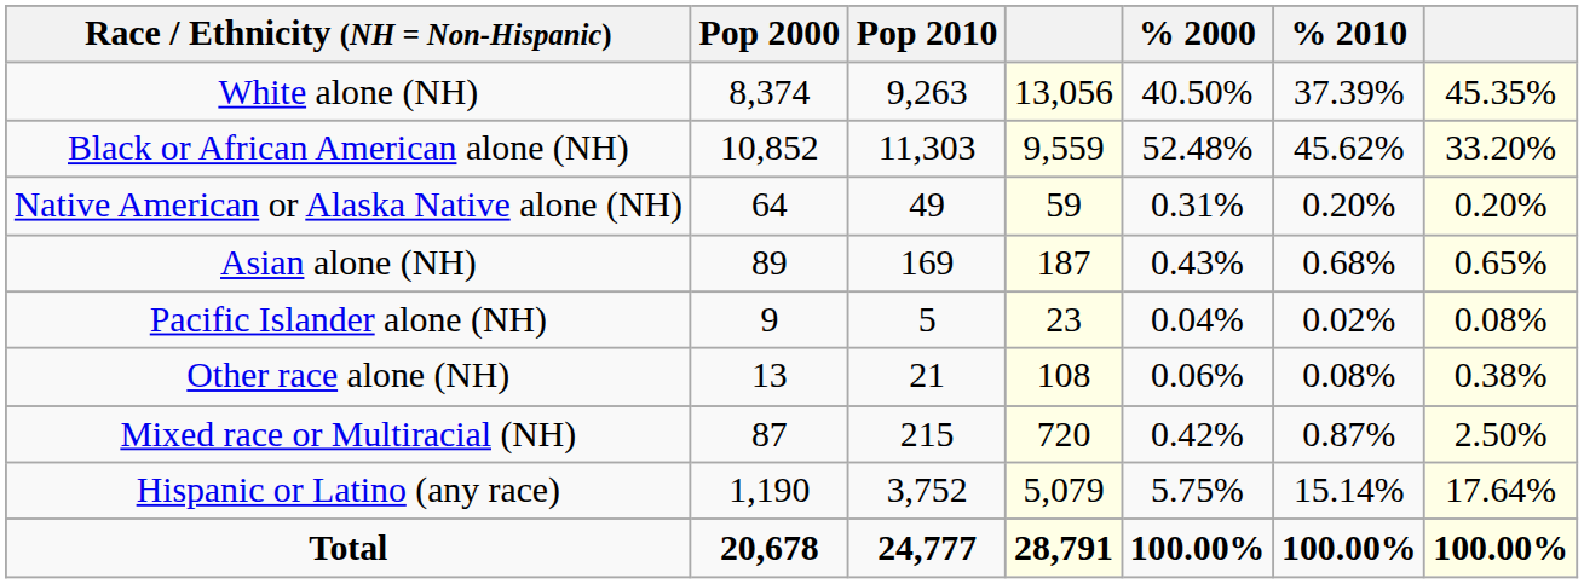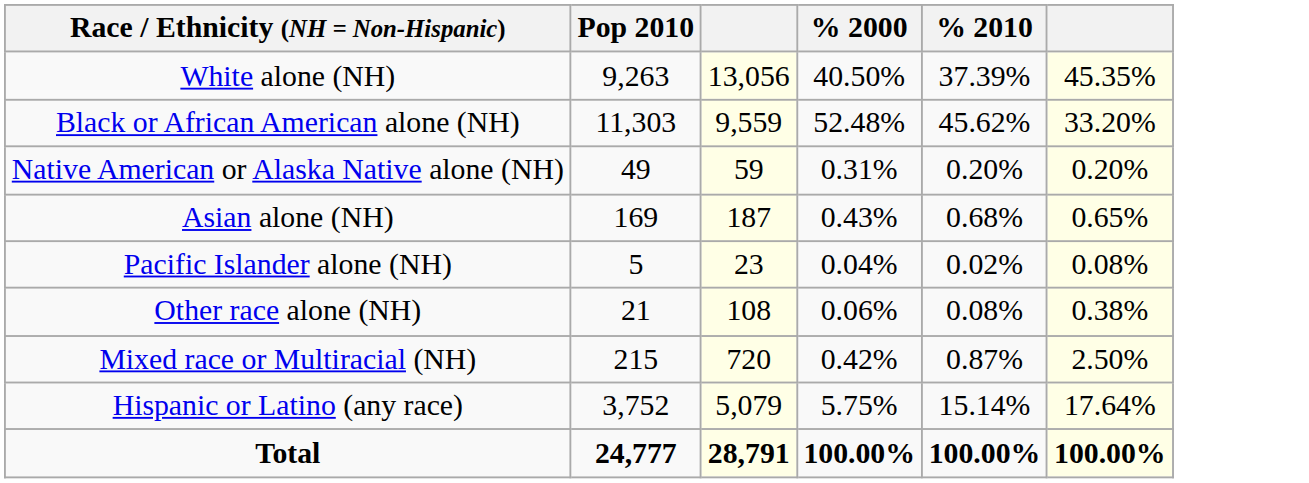 <table class="wikitable" style="text-align:center;">
 <tr>
 <th>Race / Ethnicity <small>(<em>NH = Non-Hispanic</em>)</small></th>
-<th>Pop 2000</th>
 <th>Pop 2010</th>
 <th></th>
 <th>% 2000</th>
 <th>% 2010</th>
 <th></th>
 </tr>
 <tr>
 <td><a href='#'>White</a> alone (NH)</td>
-<td>8,374</td>
 <td>9,263</td>
 <td style='background: #ffffe6;'>13,056</td>
 <td>40.50%</td>
 <td>37.39%</td>
 <td style='background: #ffffe6;'>45.35%</td>
 </tr>
 <tr>
 <td><a href='#'>Black or African American</a> alone (NH)</td>
-<td>10,852</td>
 <td>11,303</td>
 <td style='background: #ffffe6;'>9,559</td>
 <td>52.48%</td>
 <td>45.62%</td>
 <td style='background: #ffffe6;'>33.20%</td>
 </tr>
 <tr>
 <td><a href='#'>Native American</a> or <a href='#'>Alaska Native</a> alone (NH)</td>
-<td>64</td>
 <td>49</td>
 <td style='background: #ffffe6;'>59</td>
 <td>0.31%</td>
 <td>0.20%</td>
 <td style='background: #ffffe6;'>0.20%</td>
 </tr>
 <tr>
 <td><a href='#'>Asian</a> alone (NH)</td>
-<td>89</td>
 <td>169</td>
 <td style='background: #ffffe6;'>187</td>
 <td>0.43%</td>
 <td>0.68%</td>
 <td style='background: #ffffe6;'>0.65%</td>
 </tr>
 <tr>
 <td><a href='#'>Pacific Islander</a> alone (NH)</td>
-<td>9</td>
 <td>5</td>
 <td style='background: #ffffe6;'>23</td>
 <td>0.04%</td>
 <td>0.02%</td>
 <td style='background: #ffffe6;'>0.08%</td>
 </tr>
 <tr>
 <td><a href='#'>Other race</a> alone (NH)</td>
-<td>13</td>
 <td>21</td>
 <td style='background: #ffffe6;'>108</td>
 <td>0.06%</td>
 <td>0.08%</td>
 <td style='background: #ffffe6;'>0.38%</td>
 </tr>
 <tr>
 <td><a href='#'>Mixed race or Multiracial</a> (NH)</td>
-<td>87</td>
 <td>215</td>
 <td style='background: #ffffe6;'>720</td>
 <td>0.42%</td>
 <td>0.87%</td>
 <td style='background: #ffffe6;'>2.50%</td>
 </tr>
 <tr>
 <td><a href='#'>Hispanic or Latino</a> (any race)</td>
-<td>1,190</td>
 <td>3,752</td>
 <td style='background: #ffffe6;'>5,079</td>
 <td>5.75%</td>
 <td>15.14%</td>
 <td style='background: #ffffe6;'>17.64%</td>
 </tr>
 <tr>
 <td><strong>Total</strong></td>
-<td><strong>20,678</strong></td>
 <td><strong>24,777</strong></td>
 <td style='background: #ffffe6;'><strong>28,791</strong></td>
 <td><strong>100.00%</strong></td>
 <td><strong>100.00%</strong></td>
 <td style='background: #ffffe6;'><strong>100.00%</strong></td>
 </tr>
 </table>
